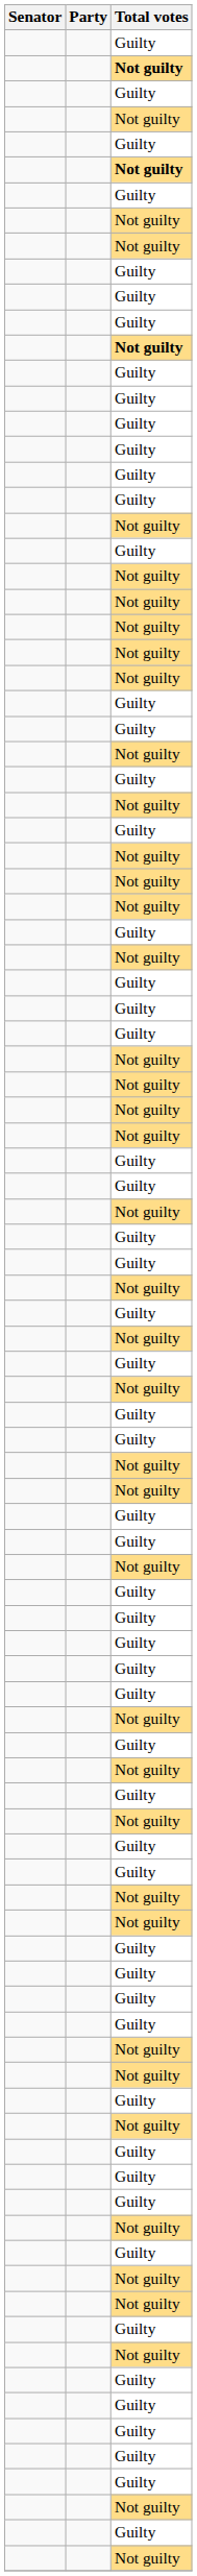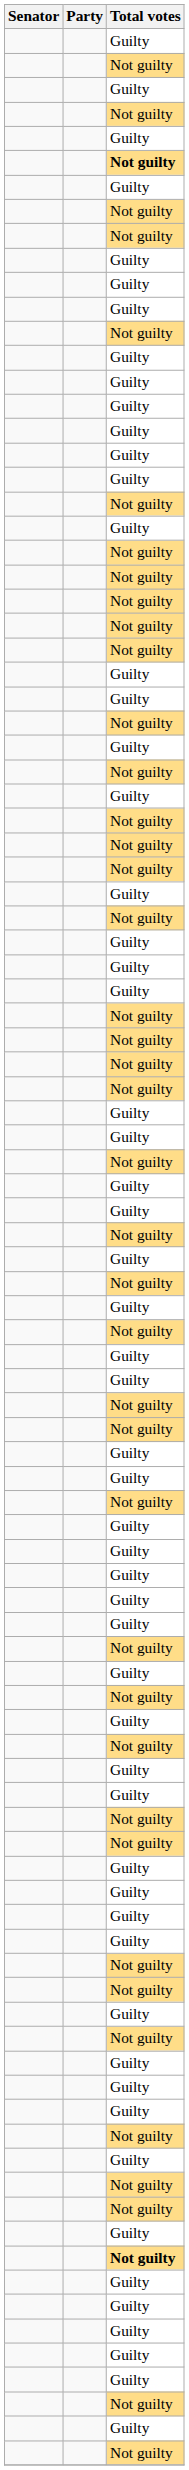 <table class="wikitable sortable mw-collapsible mw-collapsed">
 <tr>
 <th>Senator</th>
 <th>Party</th>
 <th>Total votes</th>
 </tr>
 <tr>
 <td></td>
 <td></td>
 <td style="background:#fff;">Guilty</td>
 </tr>
 <tr>
 <td></td>
 <td></td>
-<td style="background:#ffdd88;"><strong>Not guilty</strong></td>
+<td style="background:#ffdd88;">Not guilty</td>
 </tr>
 <tr>
 <td></td>
 <td></td>
 <td style="background:#fff;">Guilty</td>
 </tr>
 <tr>
 <td></td>
 <td></td>
 <td style="background:#ffdd88;">Not guilty</td>
 </tr>
 <tr>
 <td></td>
 <td></td>
 <td style="background:#fff;">Guilty</td>
 </tr>
 <tr>
 <td></td>
 <td></td>
 <td style="background:#ffdd88;"><strong>Not guilty</strong></td>
 </tr>
 <tr>
 <td></td>
 <td></td>
 <td style="background:#fff;">Guilty</td>
 </tr>
 <tr>
 <td></td>
 <td></td>
 <td style="background:#ffdd88;">Not guilty</td>
 </tr>
 <tr>
 <td></td>
 <td></td>
 <td style="background:#ffdd88;">Not guilty</td>
 </tr>
 <tr>
 <td></td>
 <td></td>
 <td style="background:#fff;">Guilty</td>
 </tr>
 <tr>
 <td></td>
 <td></td>
 <td style="background:#fff;">Guilty</td>
 </tr>
 <tr>
 <td></td>
 <td></td>
 <td style="background:#fff;">Guilty</td>
 </tr>
 <tr>
 <td></td>
 <td></td>
-<td style="background:#ffdd88;"><strong>Not guilty</strong></td>
+<td style="background:#ffdd88;">Not guilty</td>
 </tr>
 <tr>
 <td></td>
 <td></td>
 <td style="background:#fff;">Guilty</td>
 </tr>
 <tr>
 <td></td>
 <td></td>
 <td style="background:#fff;">Guilty</td>
 </tr>
 <tr>
 <td></td>
 <td></td>
 <td style="background:#fff;">Guilty</td>
 </tr>
 <tr>
 <td></td>
 <td></td>
 <td style="background:#fff;">Guilty</td>
 </tr>
 <tr>
 <td nowrap></td>
 <td></td>
 <td style="background:#fff;">Guilty</td>
 </tr>
 <tr>
 <td></td>
 <td></td>
 <td style="background:#fff;">Guilty</td>
 </tr>
 <tr>
 <td></td>
 <td></td>
 <td style="background:#ffdd88;">Not guilty</td>
 </tr>
 <tr>
 <td></td>
 <td></td>
 <td style="background:#fff;">Guilty</td>
 </tr>
 <tr>
 <td></td>
 <td></td>
 <td style="background:#ffdd88;">Not guilty</td>
 </tr>
 <tr>
 <td></td>
 <td></td>
 <td style="background:#ffdd88;">Not guilty</td>
 </tr>
 <tr>
 <td></td>
 <td></td>
 <td style="background:#ffdd88;">Not guilty</td>
 </tr>
 <tr>
 <td></td>
 <td></td>
 <td style="background:#ffdd88;">Not guilty</td>
 </tr>
 <tr>
 <td></td>
 <td></td>
 <td style="background:#ffdd88;">Not guilty</td>
 </tr>
 <tr>
 <td></td>
 <td></td>
 <td style="background:#fff;">Guilty</td>
 </tr>
 <tr>
 <td></td>
 <td></td>
 <td style="background:#fff;">Guilty</td>
 </tr>
 <tr>
 <td></td>
 <td></td>
 <td style="background:#ffdd88;">Not guilty</td>
 </tr>
 <tr>
 <td></td>
 <td></td>
 <td style="background:#fff;">Guilty</td>
 </tr>
 <tr>
 <td></td>
 <td></td>
 <td style="background:#ffdd88;">Not guilty</td>
 </tr>
 <tr>
 <td></td>
 <td></td>
 <td style="background:#fff;">Guilty</td>
 </tr>
 <tr>
 <td></td>
 <td></td>
 <td style="background:#ffdd88;">Not guilty</td>
 </tr>
 <tr>
 <td></td>
 <td></td>
 <td style="background:#ffdd88;">Not guilty</td>
 </tr>
 <tr>
 <td></td>
 <td></td>
 <td style="background:#ffdd88;">Not guilty</td>
 </tr>
 <tr>
 <td></td>
 <td></td>
 <td style="background:#fff;">Guilty</td>
 </tr>
 <tr>
 <td></td>
 <td></td>
 <td style="background:#ffdd88;">Not guilty</td>
 </tr>
 <tr>
 <td></td>
 <td></td>
 <td style="background:#fff;">Guilty</td>
 </tr>
 <tr>
 <td></td>
 <td></td>
 <td style="background:#fff;">Guilty</td>
 </tr>
 <tr>
 <td></td>
 <td></td>
 <td style="background:#fff;">Guilty</td>
 </tr>
 <tr>
 <td></td>
 <td></td>
 <td style="background:#ffdd88;">Not guilty</td>
 </tr>
 <tr>
 <td></td>
 <td></td>
 <td style="background:#ffdd88;">Not guilty</td>
 </tr>
 <tr>
 <td></td>
 <td></td>
 <td style="background:#ffdd88;">Not guilty</td>
 </tr>
 <tr>
 <td></td>
 <td></td>
 <td style="background:#ffdd88;">Not guilty</td>
 </tr>
 <tr>
 <td></td>
 <td></td>
 <td style="background:#fff;">Guilty</td>
 </tr>
 <tr>
 <td></td>
 <td></td>
 <td style="background:#fff;">Guilty</td>
 </tr>
 <tr>
 <td></td>
 <td></td>
 <td style="background:#ffdd88;">Not guilty</td>
 </tr>
 <tr>
 <td></td>
 <td></td>
 <td style="background:#fff;">Guilty</td>
 </tr>
 <tr>
 <td></td>
 <td></td>
 <td style="background:#fff;">Guilty</td>
 </tr>
 <tr>
 <td></td>
 <td></td>
 <td style="background:#ffdd88;">Not guilty</td>
 </tr>
 <tr>
 <td></td>
 <td></td>
 <td style="background:#fff;">Guilty</td>
 </tr>
 <tr>
 <td></td>
 <td></td>
 <td style="background:#ffdd88;">Not guilty</td>
 </tr>
 <tr>
 <td></td>
 <td></td>
 <td style="background:#fff;">Guilty</td>
 </tr>
 <tr>
 <td></td>
 <td></td>
 <td style="background:#ffdd88;">Not guilty</td>
 </tr>
 <tr>
 <td></td>
 <td></td>
 <td style="background:#fff;">Guilty</td>
 </tr>
 <tr>
 <td></td>
 <td></td>
 <td style="background:#fff;">Guilty</td>
 </tr>
 <tr>
 <td></td>
 <td></td>
 <td style="background:#ffdd88;">Not guilty</td>
 </tr>
 <tr>
 <td></td>
 <td></td>
 <td style="background:#ffdd88;">Not guilty</td>
 </tr>
 <tr>
 <td></td>
 <td></td>
 <td style="background:#fff;">Guilty</td>
 </tr>
 <tr>
 <td></td>
 <td></td>
 <td style="background:#fff;">Guilty</td>
 </tr>
 <tr>
 <td></td>
 <td></td>
 <td style="background:#ffdd88;">Not guilty</td>
 </tr>
 <tr>
 <td></td>
 <td></td>
 <td style="background:#fff;">Guilty</td>
 </tr>
 <tr>
 <td></td>
 <td></td>
 <td style="background:#fff;">Guilty</td>
 </tr>
 <tr>
 <td></td>
 <td></td>
 <td style="background:#fff;">Guilty</td>
 </tr>
 <tr>
 <td></td>
 <td></td>
 <td style="background:#fff;">Guilty</td>
 </tr>
 <tr>
 <td></td>
 <td></td>
 <td style="background:#fff;">Guilty</td>
 </tr>
 <tr>
 <td></td>
 <td></td>
 <td style="background:#ffdd88;">Not guilty</td>
 </tr>
 <tr>
 <td></td>
 <td></td>
 <td style="background:#fff;">Guilty</td>
 </tr>
 <tr>
 <td></td>
 <td></td>
 <td style="background:#ffdd88;">Not guilty</td>
 </tr>
 <tr>
 <td></td>
 <td></td>
 <td style="background:#fff;">Guilty</td>
 </tr>
 <tr>
 <td></td>
 <td></td>
 <td style="background:#ffdd88;">Not guilty</td>
 </tr>
 <tr>
 <td></td>
 <td></td>
 <td style="background:#fff;">Guilty</td>
 </tr>
 <tr>
 <td></td>
 <td></td>
 <td style="background:#fff;">Guilty</td>
 </tr>
 <tr>
 <td></td>
 <td></td>
 <td style="background:#ffdd88;">Not guilty</td>
 </tr>
 <tr>
 <td></td>
 <td></td>
 <td style="background:#ffdd88;">Not guilty</td>
 </tr>
 <tr>
 <td></td>
 <td></td>
 <td style="background:#fff;">Guilty</td>
 </tr>
 <tr>
 <td></td>
 <td></td>
 <td style="background:#fff;">Guilty</td>
 </tr>
 <tr>
 <td></td>
 <td></td>
 <td style="background:#fff;">Guilty</td>
 </tr>
 <tr>
 <td></td>
 <td></td>
 <td style="background:#fff;">Guilty</td>
 </tr>
 <tr>
 <td></td>
 <td></td>
 <td style="background:#ffdd88;">Not guilty</td>
 </tr>
 <tr>
 <td></td>
 <td></td>
 <td style="background:#ffdd88;">Not guilty</td>
 </tr>
 <tr>
 <td></td>
 <td></td>
 <td style="background:#fff;">Guilty</td>
 </tr>
 <tr>
 <td></td>
 <td></td>
 <td style="background:#ffdd88;">Not guilty</td>
 </tr>
 <tr>
 <td></td>
 <td></td>
 <td style="background:#fff;">Guilty</td>
 </tr>
 <tr>
 <td></td>
 <td></td>
 <td style="background:#fff;">Guilty</td>
 </tr>
 <tr>
 <td></td>
 <td></td>
 <td style="background:#fff;">Guilty</td>
 </tr>
 <tr>
 <td></td>
 <td></td>
 <td style="background:#ffdd88;">Not guilty</td>
 </tr>
 <tr>
 <td></td>
 <td></td>
 <td style="background:#fff;">Guilty</td>
 </tr>
 <tr>
 <td></td>
 <td></td>
 <td style="background:#ffdd88;">Not guilty</td>
 </tr>
 <tr>
 <td></td>
 <td></td>
 <td style="background:#ffdd88;">Not guilty</td>
 </tr>
 <tr>
 <td></td>
 <td></td>
 <td style="background:#fff;">Guilty</td>
 </tr>
 <tr>
 <td></td>
 <td></td>
-<td style="background:#ffdd88;">Not guilty</td>
+<td style="background:#ffdd88;"><strong>Not guilty</strong></td>
 </tr>
 <tr>
 <td></td>
 <td></td>
 <td style="background:#fff;">Guilty</td>
 </tr>
 <tr>
 <td></td>
 <td></td>
 <td style="background:#fff;">Guilty</td>
 </tr>
 <tr>
 <td></td>
 <td></td>
 <td style="background:#fff;">Guilty</td>
 </tr>
 <tr>
 <td></td>
 <td></td>
 <td style="background:#fff;">Guilty</td>
 </tr>
 <tr>
 <td></td>
 <td></td>
 <td style="background:#fff;">Guilty</td>
 </tr>
 <tr>
 <td></td>
 <td></td>
 <td style="background:#ffdd88;">Not guilty</td>
 </tr>
 <tr>
 <td></td>
 <td></td>
 <td style="background:#fff;">Guilty</td>
 </tr>
 <tr>
 <td></td>
 <td></td>
 <td style="background:#ffdd88;">Not guilty</td>
 </tr>
 <tr>
 </tr>
 </table>
